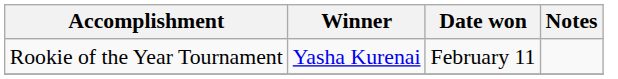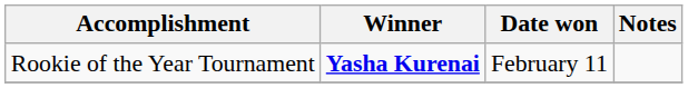 <table class="wikitable">
 <tr>
 <th>Accomplishment</th>
 <th>Winner</th>
 <th>Date won</th>
 <th>Notes</th>
 </tr>
 <tr>
 <td>Rookie of the Year Tournament</td>
-<td><a href='#'>Yasha Kurenai</a></td>
+<td><strong><a href='#'>Yasha Kurenai</a></strong></td>
 <td>February 11</td>
 <td></td>
 </tr>
 <tr>
 </tr>
 </table>
